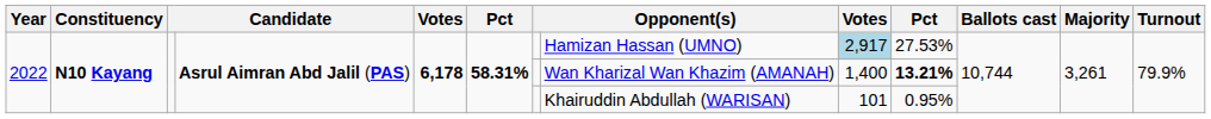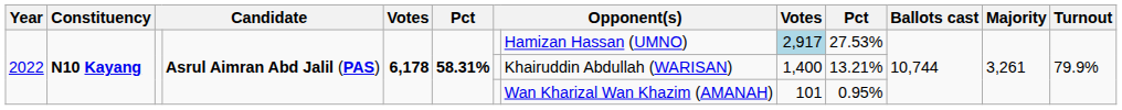 <table class="wikitable" style="margin:0.5em ; font-size:95%">
 <tr>
 <th>Year</th>
 <th>Constituency</th>
 <th colspan=2>Candidate</th>
 <th>Votes</th>
 <th>Pct</th>
 <th colspan=2>Opponent(s)</th>
 <th>Votes</th>
 <th>Pct</th>
 <th>Ballots cast</th>
 <th>Majority</th>
 <th>Turnout</th>
 </tr>
 <tr>
 <td rowspan=3><a href='#'>2022</a></td>
 <td rowspan=3><strong>N10 <a href='#'>Kayang</a></strong></td>
 <td rowspan=3 bgcolor=></td>
 <td rowspan=3><strong>Asrul Aimran Abd Jalil</strong> (<a href='#'><strong>PAS</strong></a>)</td>
 <td rowspan=3 align=right><strong>6,178</strong></td>
 <td rowspan=3><strong>58.31%</strong></td>
 <td></td>
 <td><a href='#'>Hamizan Hassan</a> (<a href='#'>UMNO</a>)</td>
 <td align=right style="background: lightblue;">2,917</td>
 <td>27.53%</td>
 <td rowspan=3>10,744</td>
 <td rowspan=3>3,261</td>
 <td rowspan=3>79.9%</td>
 </tr>
 <tr>
 <td></td>
-<td><a href='#'>Wan Kharizal Wan Khazim</a> (<a href='#'>AMANAH</a>)</td>
+<td>Khairuddin Abdullah (<a href='#'>WARISAN</a>)</td>
 <td align=right>1,400</td>
-<td><strong>13.21%</strong></td>
+<td>13.21%</td>
 </tr>
 <tr>
 <td></td>
-<td>Khairuddin Abdullah (<a href='#'>WARISAN</a>)</td>
+<td><a href='#'>Wan Kharizal Wan Khazim</a> (<a href='#'>AMANAH</a>)</td>
 <td align=right>101</td>
 <td align=right>0.95%</td>
 </tr>
 </table>
